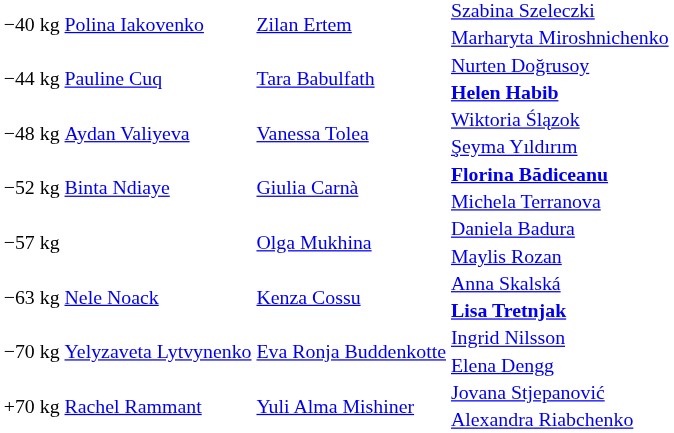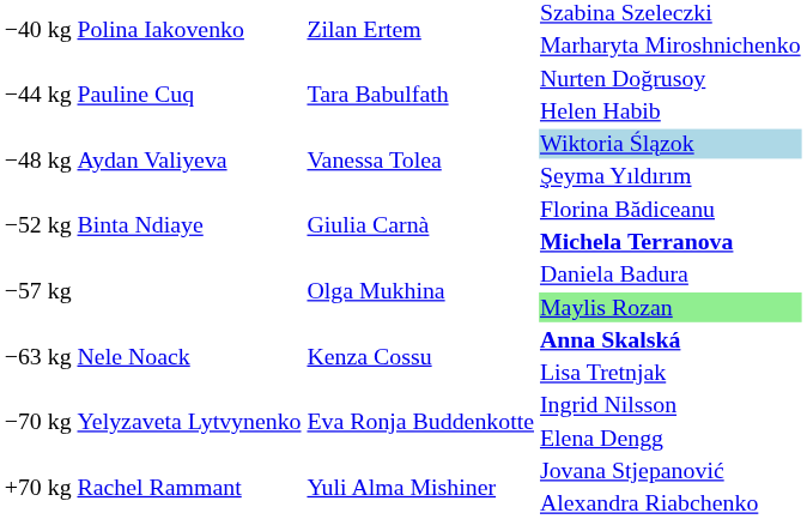 <table>
 <tr>
 <td rowspan=2>−40 kg</td>
 <td rowspan=2> <a href='#'>Polina Iakovenko</a></td>
 <td rowspan=2> <a href='#'>Zilan Ertem</a></td>
 <td> <a href='#'>Szabina Szeleczki</a></td>
 </tr>
 <tr>
 <td> <a href='#'>Marharyta Miroshnichenko</a></td>
 </tr>
 <tr>
 <td rowspan=2>−44 kg</td>
 <td rowspan=2> <a href='#'>Pauline Cuq</a></td>
 <td rowspan=2> <a href='#'>Tara Babulfath</a></td>
 <td> <a href='#'>Nurten Doğrusoy</a></td>
 </tr>
 <tr>
-<td><strong> <a href='#'>Helen Habib</a></strong></td>
+<td> <a href='#'>Helen Habib</a></td>
 </tr>
 <tr>
 <td rowspan=2>−48 kg</td>
 <td rowspan=2> <a href='#'>Aydan Valiyeva</a></td>
 <td rowspan=2> <a href='#'>Vanessa Tolea</a></td>
-<td> <a href='#'>Wiktoria Ślązok</a></td>
+<td style="background: lightblue;"> <a href='#'>Wiktoria Ślązok</a></td>
 </tr>
 <tr>
 <td> <a href='#'>Şeyma Yıldırım</a></td>
 </tr>
 <tr>
 <td rowspan=2>−52 kg</td>
 <td rowspan=2> <a href='#'>Binta Ndiaye</a></td>
 <td rowspan=2> <a href='#'>Giulia Carnà</a></td>
-<td><strong> <a href='#'>Florina Bădiceanu</a></strong></td>
+<td> <a href='#'>Florina Bădiceanu</a></td>
 </tr>
 <tr>
-<td> <a href='#'>Michela Terranova</a></td>
+<td><strong> <a href='#'>Michela Terranova</a></strong></td>
 </tr>
 <tr>
 <td rowspan=2>−57 kg</td>
 <td rowspan=2> </td>
 <td rowspan=2> <a href='#'>Olga Mukhina</a></td>
 <td> <a href='#'>Daniela Badura</a></td>
 </tr>
 <tr>
-<td> <a href='#'>Maylis Rozan</a></td>
+<td style="background: lightgreen;"> <a href='#'>Maylis Rozan</a></td>
 </tr>
 <tr>
 <td rowspan=2>−63 kg</td>
 <td rowspan=2> <a href='#'>Nele Noack</a></td>
 <td rowspan=2> <a href='#'>Kenza Cossu</a></td>
-<td> <a href='#'>Anna Skalská</a></td>
+<td><strong> <a href='#'>Anna Skalská</a></strong></td>
 </tr>
 <tr>
-<td><strong> <a href='#'>Lisa Tretnjak</a></strong></td>
+<td> <a href='#'>Lisa Tretnjak</a></td>
 </tr>
 <tr>
 <td rowspan=2>−70 kg</td>
 <td rowspan=2> <a href='#'>Yelyzaveta Lytvynenko</a></td>
 <td rowspan=2> <a href='#'>Eva Ronja Buddenkotte</a></td>
 <td> <a href='#'>Ingrid Nilsson</a></td>
 </tr>
 <tr>
 <td> <a href='#'>Elena Dengg</a></td>
 </tr>
 <tr>
 <td rowspan=2>+70 kg</td>
 <td rowspan=2> <a href='#'>Rachel Rammant</a></td>
 <td rowspan=2> <a href='#'>Yuli Alma Mishiner</a></td>
 <td> <a href='#'>Jovana Stjepanović</a></td>
 </tr>
 <tr>
 <td> <a href='#'>Alexandra Riabchenko</a></td>
 </tr>
 </table>
